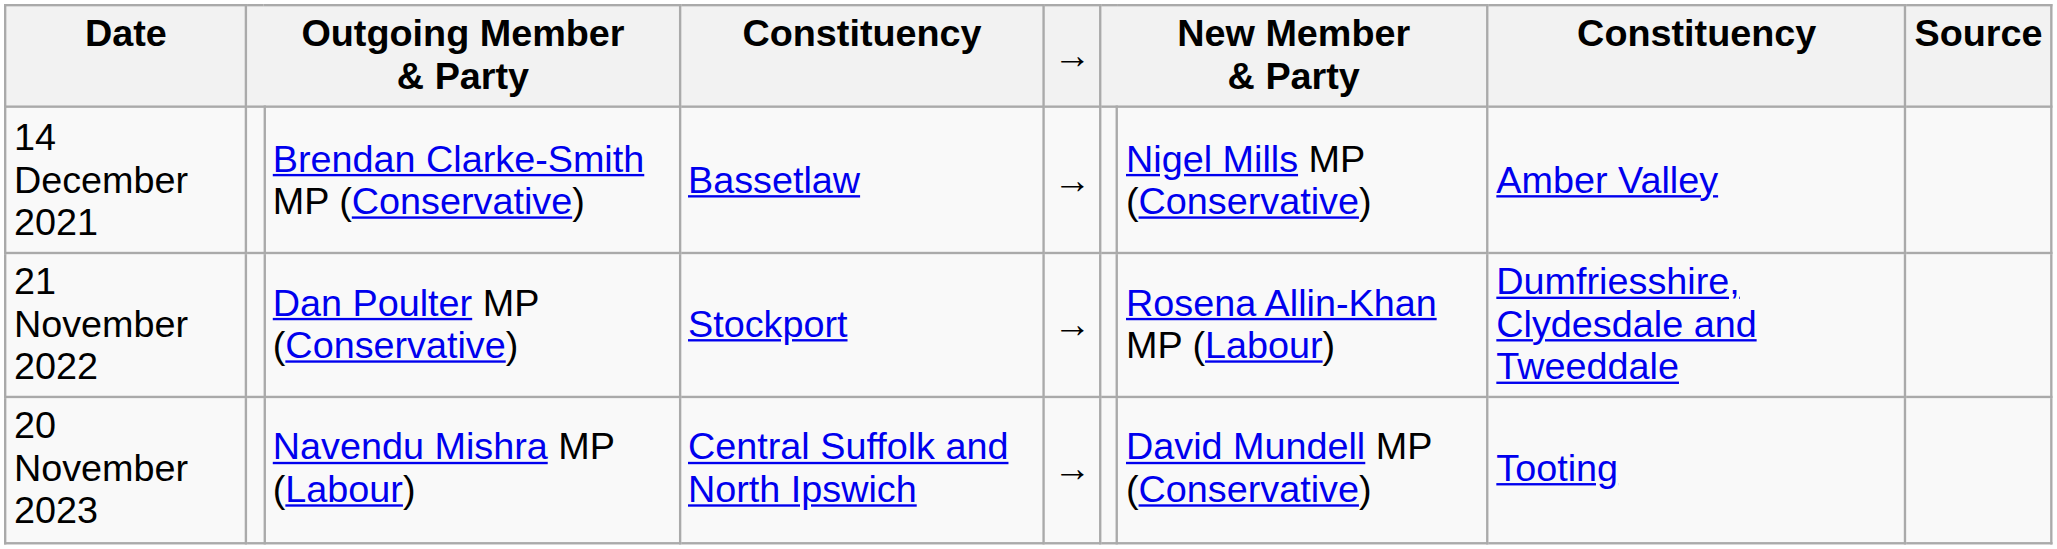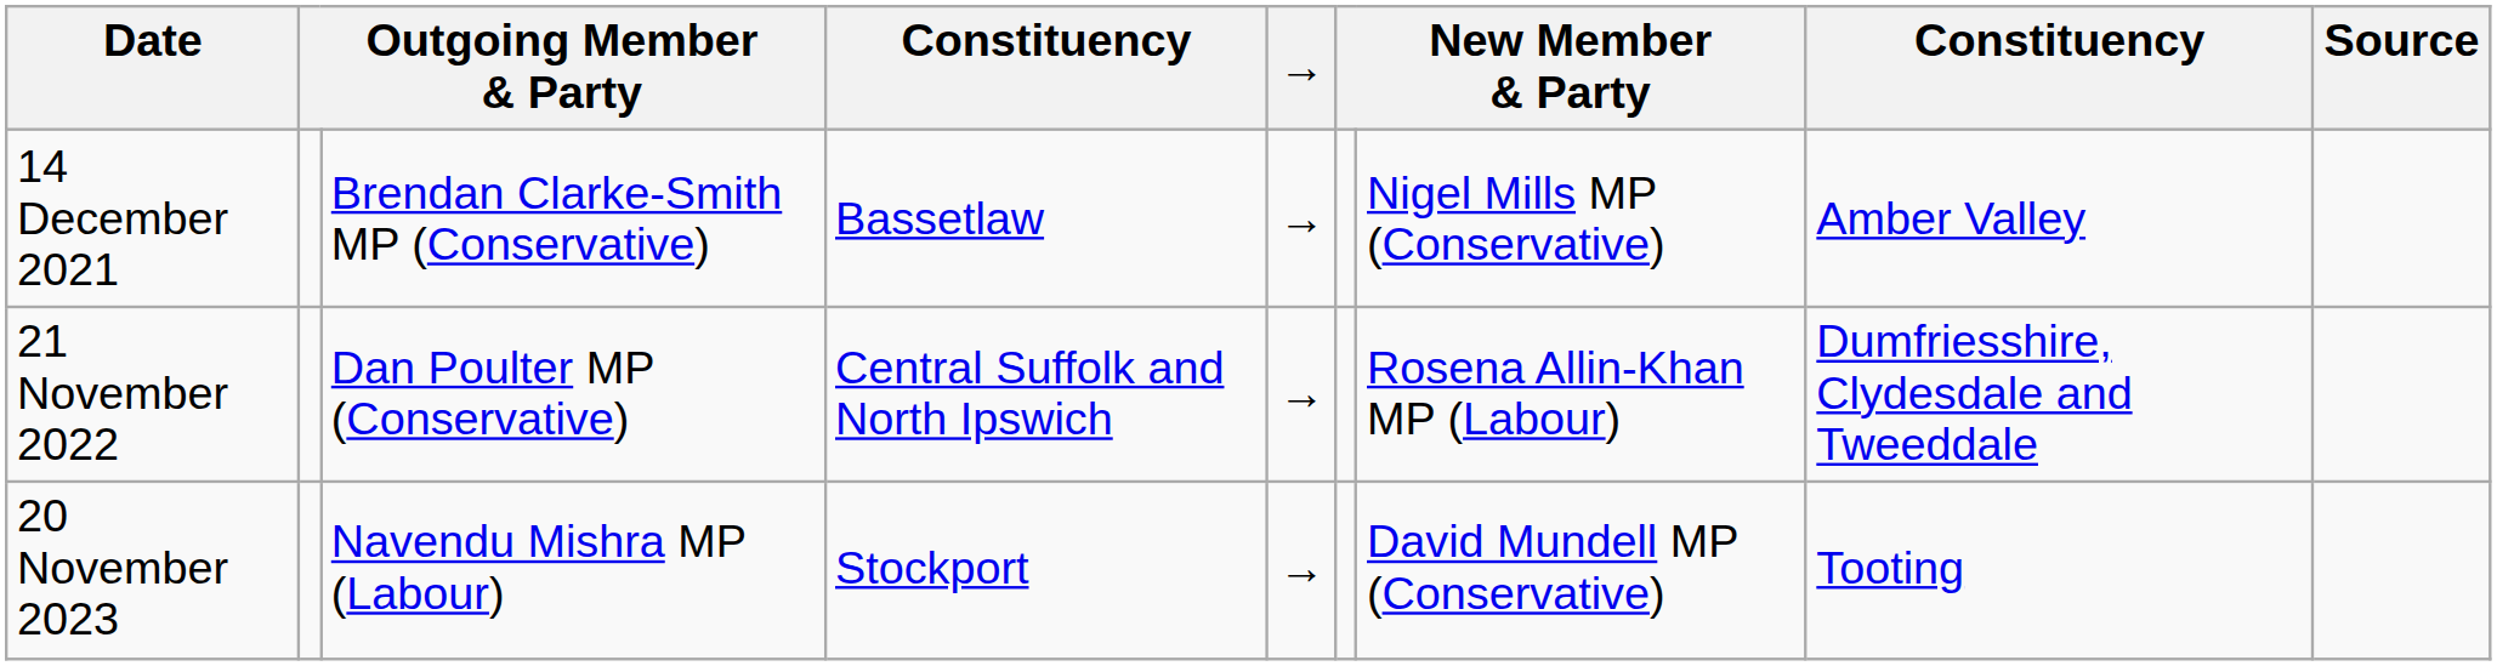 <table class="wikitable">
 <tr>
 <th valign="top">Date</th>
 <th colspan="2" valign="top">Outgoing Member<br>& Party</th>
 <th valign="top">Constituency</th>
 <th>→</th>
 <th colspan="2" valign="top">New Member<br>& Party</th>
 <th valign="top">Constituency</th>
 <th valign="top">Source</th>
 </tr>
 <tr>
 <td>14 December 2021</td>
 <td style="color:inherit;background:"></td>
 <td><a href='#'>Brendan Clarke-Smith</a> MP (<a href='#'>Conservative</a>)</td>
 <td><a href='#'>Bassetlaw</a></td>
 <td>→</td>
 <td style="color:inherit;background:"></td>
 <td><a href='#'>Nigel Mills</a> MP (<a href='#'>Conservative</a>)</td>
 <td><a href='#'>Amber Valley</a></td>
 <td></td>
 </tr>
 <tr>
 <td>21 November 2022</td>
 <td style="color:inherit;background:"></td>
 <td><a href='#'>Dan Poulter</a> MP (<a href='#'>Conservative</a>)</td>
-<td><a href='#'>Stockport</a></td>
+<td><a href='#'>Central Suffolk and North Ipswich</a></td>
 <td>→</td>
 <td style="color:inherit;background:"></td>
 <td><a href='#'>Rosena Allin-Khan</a> MP (<a href='#'>Labour</a>)</td>
 <td><a href='#'>Dumfriesshire, Clydesdale and Tweeddale</a></td>
 <td></td>
 </tr>
 <tr>
 <td>20 November 2023</td>
 <td style="color:inherit;background:"></td>
 <td><a href='#'>Navendu Mishra</a> MP (<a href='#'>Labour</a>)</td>
-<td><a href='#'>Central Suffolk and North Ipswich</a></td>
+<td><a href='#'>Stockport</a></td>
 <td>→</td>
 <td style="color:inherit;background:"></td>
 <td><a href='#'>David Mundell</a> MP (<a href='#'>Conservative</a>)</td>
 <td><a href='#'>Tooting</a></td>
 <td></td>
 </tr>
 </table>
